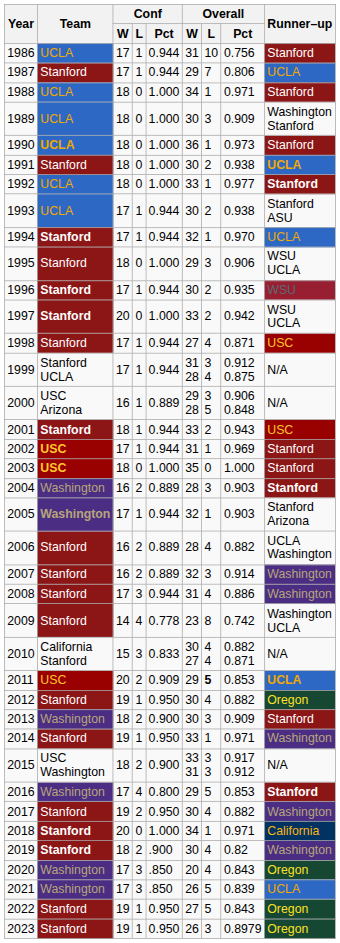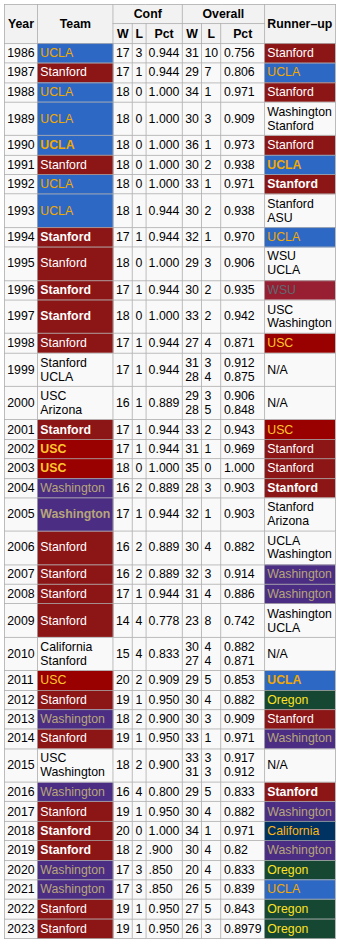 <table class="wikitable">
 <tr>
 <th rowspan=2>Year</th>
 <th rowspan=2>Team</th>
 <th colspan=3>Conf</th>
 <th colspan=3>Overall</th>
 <th rowspan=2>Runner–up</th>
 </tr>
 <tr>
 <th>W</th>
 <th>L</th>
 <th>Pct</th>
 <th>W</th>
 <th>L</th>
 <th>Pct</th>
 </tr>
 <tr>
 <td>1986</td>
 <td style="background:#2D68C4; color:#F2A900;">UCLA</td>
 <td>17</td>
-<td>1</td>
+<td>3</td>
 <td>0.944</td>
 <td>31</td>
 <td>10</td>
 <td>0.756</td>
 <td style="background:#8C1515; color:#FFFFFF;">Stanford</td>
 </tr>
 <tr>
 <td>1987</td>
 <td style="background:#8C1515; color:#FFFFFF;">Stanford</td>
 <td>17</td>
 <td>1</td>
 <td>0.944</td>
 <td>29</td>
 <td>7</td>
 <td>0.806</td>
 <td style="background:#2D68C4; color:#F2A900;">UCLA</td>
 </tr>
 <tr>
 <td>1988</td>
 <td style="background:#2D68C4; color:#F2A900;">UCLA</td>
 <td>18</td>
 <td>0</td>
 <td>1.000</td>
 <td>34</td>
 <td>1</td>
 <td>0.971</td>
 <td style="background:#8C1515; color:#FFFFFF;">Stanford</td>
 </tr>
 <tr>
 <td>1989</td>
 <td style="background:#2D68C4; color:#F2A900;">UCLA</td>
 <td>18</td>
 <td>0</td>
 <td>1.000</td>
 <td>30</td>
 <td>3</td>
 <td>0.909</td>
 <td>Washington<br>Stanford</td>
 </tr>
 <tr>
 <td>1990</td>
 <td style="background:#2D68C4; color:#F2A900;"><strong>UCLA</strong></td>
 <td>18</td>
 <td>0</td>
 <td>1.000</td>
 <td>36</td>
 <td>1</td>
 <td>0.973</td>
 <td style="background:#8C1515; color:#FFFFFF;">Stanford</td>
 </tr>
 <tr>
 <td>1991</td>
 <td style="background:#8C1515; color:#FFFFFF;">Stanford</td>
 <td>18</td>
 <td>0</td>
 <td>1.000</td>
 <td>30</td>
 <td>2</td>
 <td>0.938</td>
 <td style="background:#2D68C4; color:#F2A900;"><strong>UCLA</strong></td>
 </tr>
 <tr>
 <td>1992</td>
 <td style="background:#2D68C4; color:#F2A900;">UCLA</td>
 <td>18</td>
 <td>0</td>
 <td>1.000</td>
 <td>33</td>
 <td>1</td>
-<td>0.977</td>
+<td>0.971</td>
 <td style="background:#8C1515; color:#FFFFFF;"><strong>Stanford</strong></td>
 </tr>
 <tr>
 <td>1993</td>
 <td style="background:#2D68C4; color:#F2A900;">UCLA</td>
-<td>17</td>
+<td>18</td>
 <td>1</td>
 <td>0.944</td>
 <td>30</td>
 <td>2</td>
 <td>0.938</td>
 <td>Stanford<br>ASU</td>
 </tr>
 <tr>
 <td>1994</td>
 <td style="background:#8C1515; color:#FFFFFF;"><strong>Stanford</strong></td>
 <td>17</td>
 <td>1</td>
 <td>0.944</td>
 <td>32</td>
 <td>1</td>
 <td>0.970</td>
 <td style="background:#2D68C4; color:#F2A900;">UCLA</td>
 </tr>
 <tr>
 <td>1995</td>
 <td style="background:#8C1515; color:#FFFFFF;">Stanford</td>
 <td>18</td>
 <td>0</td>
 <td>1.000</td>
 <td>29</td>
 <td>3</td>
 <td>0.906</td>
 <td>WSU<br>UCLA</td>
 </tr>
 <tr>
 <td>1996</td>
 <td style="background:#8C1515; color:#FFFFFF;"><strong>Stanford</strong></td>
 <td>17</td>
 <td>1</td>
 <td>0.944</td>
 <td>30</td>
 <td>2</td>
 <td>0.935</td>
 <td style="background:#981E32; color:#5E6A71;">WSU</td>
 </tr>
 <tr>
 <td>1997</td>
 <td style="background:#8C1515; color:#FFFFFF;"><strong>Stanford</strong></td>
-<td>20</td>
+<td>18</td>
 <td>0</td>
 <td>1.000</td>
 <td>33</td>
 <td>2</td>
 <td>0.942</td>
-<td>WSU<br>UCLA</td>
+<td>USC<br>Washington</td>
 </tr>
 <tr>
 <td>1998</td>
 <td style="background:#8C1515; color:#FFFFFF;">Stanford</td>
 <td>17</td>
 <td>1</td>
 <td>0.944</td>
 <td>27</td>
 <td>4</td>
 <td>0.871</td>
 <td style="background:#990000; color:#FFC72C;">USC</td>
 </tr>
 <tr>
 <td>1999</td>
 <td>Stanford<br>UCLA</td>
 <td>17</td>
 <td>1</td>
 <td>0.944</td>
 <td>31<br>28</td>
 <td>3<br>4</td>
 <td>0.912<br>0.875</td>
 <td>N/A</td>
 </tr>
 <tr>
 <td>2000</td>
 <td>USC<br>Arizona</td>
 <td>16</td>
 <td>1</td>
 <td>0.889</td>
 <td>29<br>28</td>
 <td>3<br>5</td>
 <td>0.906<br>0.848</td>
 <td>N/A</td>
 </tr>
 <tr>
 <td>2001</td>
 <td style="background:#8C1515; color:#FFFFFF;"><strong>Stanford</strong></td>
-<td>18</td>
+<td>17</td>
 <td>1</td>
 <td>0.944</td>
 <td>33</td>
 <td>2</td>
 <td>0.943</td>
 <td style="background:#990000; color:#FFC72C;">USC</td>
 </tr>
 <tr>
 <td>2002</td>
 <td style="background:#990000; color:#FFC72C;"><strong>USC</strong></td>
 <td>17</td>
 <td>1</td>
 <td>0.944</td>
 <td>31</td>
 <td>1</td>
 <td>0.969</td>
 <td style="background:#8C1515; color:#FFFFFF;">Stanford</td>
 </tr>
 <tr>
 <td>2003</td>
 <td style="background:#990000; color:#FFC72C;"><strong>USC</strong></td>
 <td>18</td>
 <td>0</td>
 <td>1.000</td>
 <td>35</td>
 <td>0</td>
 <td>1.000</td>
 <td style="background:#8C1515; color:#FFFFFF;">Stanford</td>
 </tr>
 <tr>
 <td>2004</td>
 <td style="background:#4B2E83; color:#B7A57A;">Washington</td>
 <td>16</td>
 <td>2</td>
 <td>0.889</td>
 <td>28</td>
 <td>3</td>
 <td>0.903</td>
 <td style="background:#8C1515; color:#FFFFFF;"><strong>Stanford</strong></td>
 </tr>
 <tr>
 <td>2005</td>
 <td style="background:#4B2E83; color:#B7A57A;"><strong>Washington</strong></td>
 <td>17</td>
 <td>1</td>
 <td>0.944</td>
 <td>32</td>
 <td>1</td>
 <td>0.903</td>
 <td>Stanford<br>Arizona</td>
 </tr>
 <tr>
 <td>2006</td>
 <td style="background:#8C1515; color:#FFFFFF;">Stanford</td>
 <td>16</td>
 <td>2</td>
 <td>0.889</td>
-<td>28</td>
+<td>30</td>
 <td>4</td>
 <td>0.882</td>
 <td>UCLA<br>Washington</td>
 </tr>
 <tr>
 <td>2007</td>
 <td style="background:#8C1515; color:#FFFFFF;">Stanford</td>
 <td>16</td>
 <td>2</td>
 <td>0.889</td>
 <td>32</td>
 <td>3</td>
 <td>0.914</td>
 <td style="background:#4B2E83; color:#B7A57A;">Washington</td>
 </tr>
 <tr>
 <td>2008</td>
 <td style="background:#8C1515; color:#FFFFFF;">Stanford</td>
 <td>17</td>
-<td>3</td>
+<td>1</td>
 <td>0.944</td>
 <td>31</td>
 <td>4</td>
 <td>0.886</td>
 <td style="background:#4B2E83; color:#B7A57A;">Washington</td>
 </tr>
 <tr>
 <td>2009</td>
 <td style="background:#8C1515; color:#FFFFFF;">Stanford</td>
 <td>14</td>
 <td>4</td>
 <td>0.778</td>
 <td>23</td>
 <td>8</td>
 <td>0.742</td>
 <td>Washington<br>UCLA</td>
 </tr>
 <tr>
 <td>2010</td>
 <td>California<br>Stanford</td>
 <td>15</td>
-<td>3</td>
+<td>4</td>
 <td>0.833</td>
 <td>30<br>27</td>
 <td>4<br>4</td>
 <td>0.882<br>0.871</td>
 <td>N/A</td>
 </tr>
 <tr>
 <td>2011</td>
 <td style="background:#990000; color:#FFC72C;">USC</td>
 <td>20</td>
 <td>2</td>
 <td>0.909</td>
 <td>29</td>
-<td><strong>5</strong></td>
+<td>5</td>
 <td>0.853</td>
 <td style="background:#2D68C4; color:#F2A900;"><strong>UCLA</strong></td>
 </tr>
 <tr>
 <td>2012</td>
 <td style="background:#8C1515; color:#FFFFFF;">Stanford</td>
 <td>19</td>
 <td>1</td>
 <td>0.950</td>
 <td>30</td>
 <td>4</td>
 <td>0.882</td>
 <td style="background:#154733; color:#FEE123;">Oregon</td>
 </tr>
 <tr>
 <td>2013</td>
 <td style="background:#4B2E83; color:#B7A57A;">Washington</td>
 <td>18</td>
 <td>2</td>
 <td>0.900</td>
 <td>30</td>
 <td>3</td>
 <td>0.909</td>
 <td style="background:#8C1515; color:#FFFFFF;">Stanford</td>
 </tr>
 <tr>
 <td>2014</td>
 <td style="background:#8C1515; color:#FFFFFF;">Stanford</td>
 <td>19</td>
 <td>1</td>
 <td>0.950</td>
 <td>33</td>
 <td>1</td>
 <td>0.971</td>
 <td style="background:#4B2E83; color:#B7A57A;">Washington</td>
 </tr>
 <tr>
 <td>2015</td>
 <td>USC<br>Washington</td>
 <td>18</td>
 <td>2</td>
 <td>0.900</td>
 <td>33<br>31</td>
 <td>3<br>3</td>
 <td>0.917<br>0.912</td>
 <td>N/A</td>
 </tr>
 <tr>
 <td>2016</td>
 <td style="background:#4B2E83; color:#B7A57A;">Washington</td>
-<td>17</td>
+<td>16</td>
 <td>4</td>
 <td>0.800</td>
 <td>29</td>
 <td>5</td>
-<td>0.853</td>
+<td>0.833</td>
 <td style="background:#8C1515; color:#FFFFFF;"><strong>Stanford</strong></td>
 </tr>
 <tr>
 <td>2017</td>
 <td style="background:#8C1515; color:#FFFFFF;">Stanford</td>
 <td>19</td>
-<td>2</td>
+<td>1</td>
 <td>0.950</td>
 <td>30</td>
 <td>4</td>
 <td>0.882</td>
 <td style="background:#4B2E83; color:#B7A57A;">Washington</td>
 </tr>
 <tr>
 <td>2018</td>
 <td style="background:#8C1515; color:#FFFFFF;"><strong>Stanford</strong></td>
 <td>20</td>
 <td>0</td>
 <td>1.000</td>
 <td>34</td>
 <td>1</td>
 <td>0.971</td>
 <td style="background:#003262; color:#FDB515;">California</td>
 </tr>
 <tr>
 <td>2019</td>
 <td style="background:#8C1515; color:#FFFFFF;"><strong>Stanford</strong></td>
 <td>18</td>
 <td>2</td>
 <td>.900</td>
 <td>30</td>
 <td>4</td>
 <td>0.82</td>
 <td style="background:#4B2E83; color:#B7A57A;">Washington</td>
 </tr>
 <tr>
 <td>2020</td>
 <td style="background:#4B2E83; color:#B7A57A;">Washington</td>
 <td>17</td>
 <td>3</td>
 <td>.850</td>
 <td>20</td>
 <td>4</td>
-<td>0.843</td>
+<td>0.833</td>
 <td style="background:#154733; color:#FEE123;">Oregon</td>
 </tr>
 <tr>
 <td>2021</td>
 <td style="background:#4B2E83; color:#B7A57A;">Washington</td>
 <td>17</td>
 <td>3</td>
 <td>.850</td>
 <td>26</td>
 <td>5</td>
 <td>0.839</td>
 <td style="background:#2D68C4; color:#F2A900;">UCLA</td>
 </tr>
 <tr>
 <td>2022</td>
 <td style="background:#8C1515; color:#FFFFFF;">Stanford</td>
 <td>19</td>
 <td>1</td>
 <td>0.950</td>
 <td>27</td>
 <td>5</td>
 <td>0.843</td>
 <td style="background:#154733; color:#FEE123;">Oregon</td>
 </tr>
 <tr>
 <td>2023</td>
 <td style="background:#8C1515; color:#FFFFFF;">Stanford</td>
 <td>19</td>
 <td>1</td>
 <td>0.950</td>
 <td>26</td>
 <td>3</td>
 <td>0.8979</td>
 <td style="background:#154733; color:#FEE123;">Oregon</td>
 </tr>
 </table>
